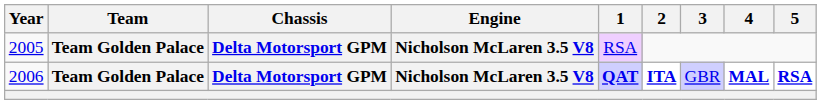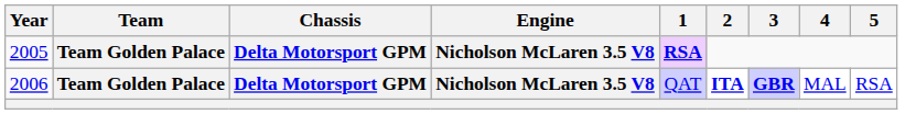 <table class="wikitable" style="text-align:center; font-size:85%">
 <tr>
 <th>Year</th>
 <th>Team</th>
 <th>Chassis</th>
 <th>Engine</th>
 <th>1</th>
 <th>2</th>
 <th>3</th>
 <th>4</th>
 <th>5</th>
 </tr>
 <tr>
 <td><a href='#'>2005</a></td>
 <th nowrap>Team Golden Palace</th>
 <th nowrap><a href='#'>Delta Motorsport</a> GPM</th>
 <th nowrap>Nicholson McLaren 3.5 <a href='#'>V8</a></th>
-<td style="background:#efcfff;"><a href='#'>RSA</a><br></td>
+<td style="background:#efcfff;"><strong><a href='#'>RSA</a><br></strong></td>
 <td colspan=4></td>
 </tr>
 <tr>
 <td><a href='#'>2006</a></td>
 <th nowrap>Team Golden Palace</th>
 <th nowrap><a href='#'>Delta Motorsport</a> GPM</th>
 <th nowrap>Nicholson McLaren 3.5 <a href='#'>V8</a></th>
-<td style="background:#cfcfff;"><strong><a href='#'>QAT</a><br></strong></td>
+<td style="background:#cfcfff;"><a href='#'>QAT</a><br></td>
 <td style="background:#ffffff;"><strong><a href='#'>ITA</a><br></strong></td>
-<td style="background:#cfcfff;"><a href='#'>GBR</a><br></td>
-<td style="background:#ffffff;"><strong><a href='#'>MAL</a><br></strong></td>
-<td style="background:#ffffff;"><strong><a href='#'>RSA</a><br></strong></td>
+<td style="background:#cfcfff;"><strong><a href='#'>GBR</a><br></strong></td>
+<td style="background:#ffffff;"><a href='#'>MAL</a><br></td>
+<td style="background:#ffffff;"><a href='#'>RSA</a><br></td>
 </tr>
 <tr>
 <th colspan="9"></th>
 </tr>
 </table>
